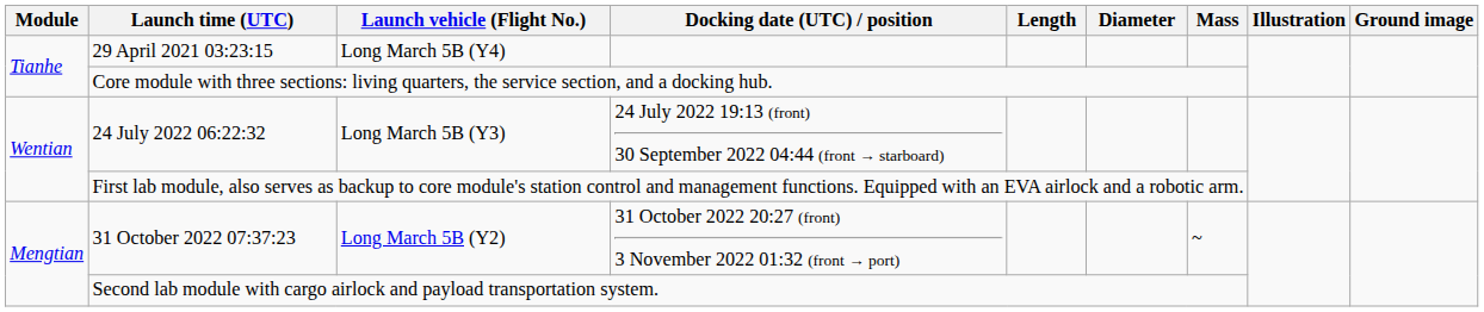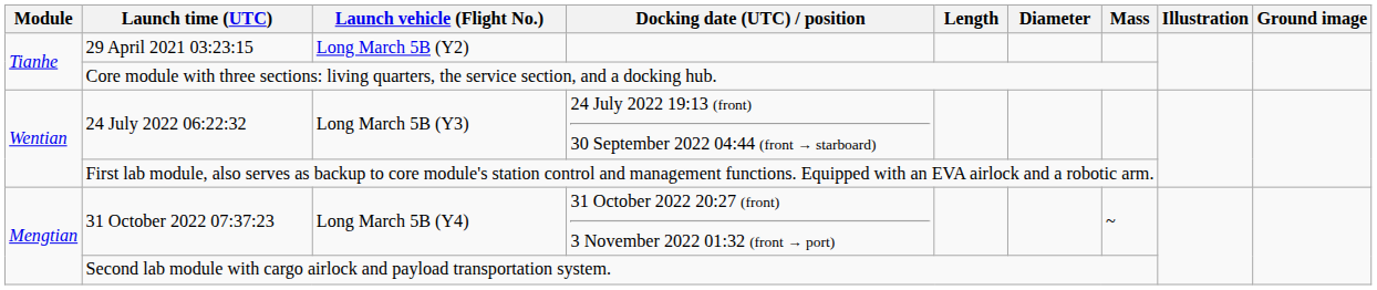 <table class="wikitable">
 <tr>
 <th>Module</th>
 <th>Launch time (<a href='#'>UTC</a>)</th>
 <th><a href='#'>Launch vehicle</a> (Flight No.)</th>
 <th>Docking date (UTC) / position</th>
 <th>Length</th>
 <th>Diameter</th>
 <th>Mass</th>
 <th>Illustration</th>
 <th>Ground image</th>
 </tr>
 <tr>
 <td rowspan="2"><a href='#'><em>Tianhe</em></a></td>
 <td>29 April 2021 03:23:15</td>
-<td>Long March 5B (Y4)</td>
+<td><a href='#'>Long March 5B</a> (Y2)</td>
 <td></td>
 <td></td>
 <td></td>
 <td></td>
 <td rowspan="2"></td>
 <td rowspan="2"></td>
 </tr>
 <tr>
 <td colspan="6">Core module with three sections: living quarters, the service section, and a docking hub.</td>
 </tr>
 <tr>
 <td rowspan="2"><a href='#'><em>Wentian</em></a></td>
 <td>24 July 2022 06:22:32</td>
 <td>Long March 5B (Y3)</td>
 <td>24 July 2022 19:13 <small>(front)</small><hr>30 September 2022 04:44 <small>(front → starboard)</small></td>
 <td></td>
 <td></td>
 <td></td>
 <td rowspan="2"></td>
 <td rowspan="2"></td>
 </tr>
 <tr>
 <td colspan="6">First lab module, also serves as backup to core module's station control and management functions. Equipped with an EVA airlock and a  robotic arm.</td>
 </tr>
 <tr>
 <td rowspan="2"><a href='#'><em>Mengtian</em></a></td>
 <td>31 October 2022 07:37:23</td>
-<td><a href='#'>Long March 5B</a> (Y2)</td>
+<td>Long March 5B (Y4)</td>
 <td>31 October 2022 20:27 <small>(front)</small><hr>3 November 2022 01:32 <small>(front → port)</small></td>
 <td></td>
 <td></td>
 <td>~</td>
 <td rowspan="2"></td>
 <td rowspan="2"></td>
 </tr>
 <tr>
 <td colspan="6">Second lab module with cargo airlock and payload transportation system.</td>
 </tr>
 </table>
